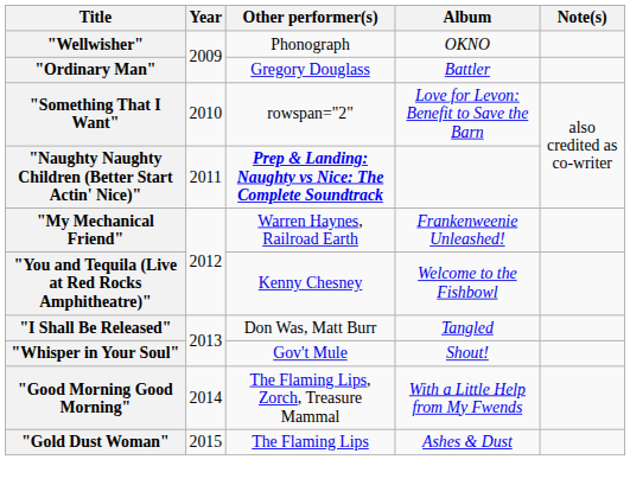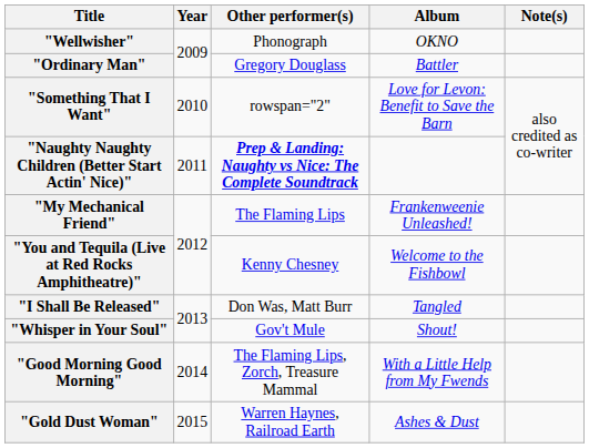 <table class="wikitable plainrowheaders" style="text-align:center;">
 <tr>
 <th scope="col">Title</th>
 <th scope="col">Year</th>
 <th scope="col">Other performer(s)</th>
 <th scope="col">Album</th>
 <th scope="col">Note(s)</th>
 </tr>
 <tr>
 <th scope="row">"Wellwisher"</th>
 <td rowspan="2">2009</td>
 <td>Phonograph</td>
 <td><em>OKNO</em></td>
 <td></td>
 </tr>
 <tr>
 <th scope="row">"Ordinary Man"</th>
 <td><a href='#'>Gregory Douglass</a></td>
 <td><em><a href='#'>Battler</a></em></td>
 <td></td>
 </tr>
 <tr>
 <th scope="row">"Something That I Want"</th>
 <td>2010</td>
 <td>rowspan="2" </td>
 <td><em><a href='#'>Love for Levon: Benefit to Save the Barn</a></em></td>
 <td rowspan="2">also credited as co-writer</td>
 </tr>
 <tr>
 <th scope="row">"Naughty Naughty Children (Better Start Actin' Nice)"</th>
 <td>2011</td>
 <td><strong><em><a href='#'>Prep & Landing: Naughty vs Nice: The Complete Soundtrack</a></em></strong></td>
 </tr>
 <tr>
 <th scope="row">"My Mechanical Friend"</th>
 <td rowspan="2">2012</td>
-<td><a href='#'>Warren Haynes</a>, <a href='#'>Railroad Earth</a></td>
+<td><a href='#'>The Flaming Lips</a></td>
 <td><em><a href='#'>Frankenweenie Unleashed!</a></em></td>
 <td></td>
 </tr>
 <tr>
 <th scope="row">"You and Tequila (Live at Red Rocks Amphitheatre)"</th>
 <td><a href='#'>Kenny Chesney</a></td>
 <td><em><a href='#'>Welcome to the Fishbowl</a></em></td>
 <td></td>
 </tr>
 <tr>
 <th scope="row">"I Shall Be Released"</th>
 <td rowspan="2">2013</td>
 <td>Don Was, Matt Burr</td>
 <td><em><a href='#'>Tangled</a></em></td>
 <td></td>
 </tr>
 <tr>
 <th scope="row">"Whisper in Your Soul"</th>
 <td><a href='#'>Gov't Mule</a></td>
 <td><em><a href='#'>Shout!</a></em></td>
 <td></td>
 </tr>
 <tr>
 <th scope="row">"Good Morning Good Morning"</th>
 <td>2014</td>
 <td><a href='#'>The Flaming Lips</a>, <a href='#'>Zorch</a>, Treasure Mammal</td>
 <td><em><a href='#'>With a Little Help from My Fwends</a></em></td>
 <td></td>
 </tr>
 <tr>
 <th scope="row">"Gold Dust Woman"</th>
 <td>2015</td>
-<td><a href='#'>The Flaming Lips</a></td>
+<td><a href='#'>Warren Haynes</a>, <a href='#'>Railroad Earth</a></td>
 <td><em><a href='#'>Ashes & Dust</a></em></td>
 <td></td>
 </tr>
 </table>
